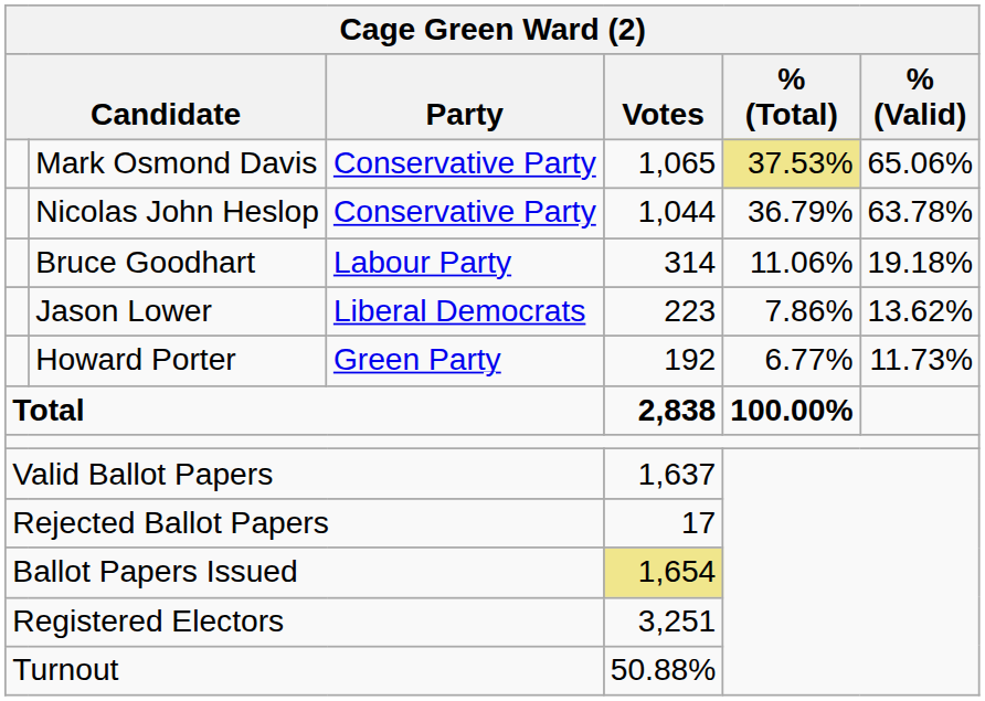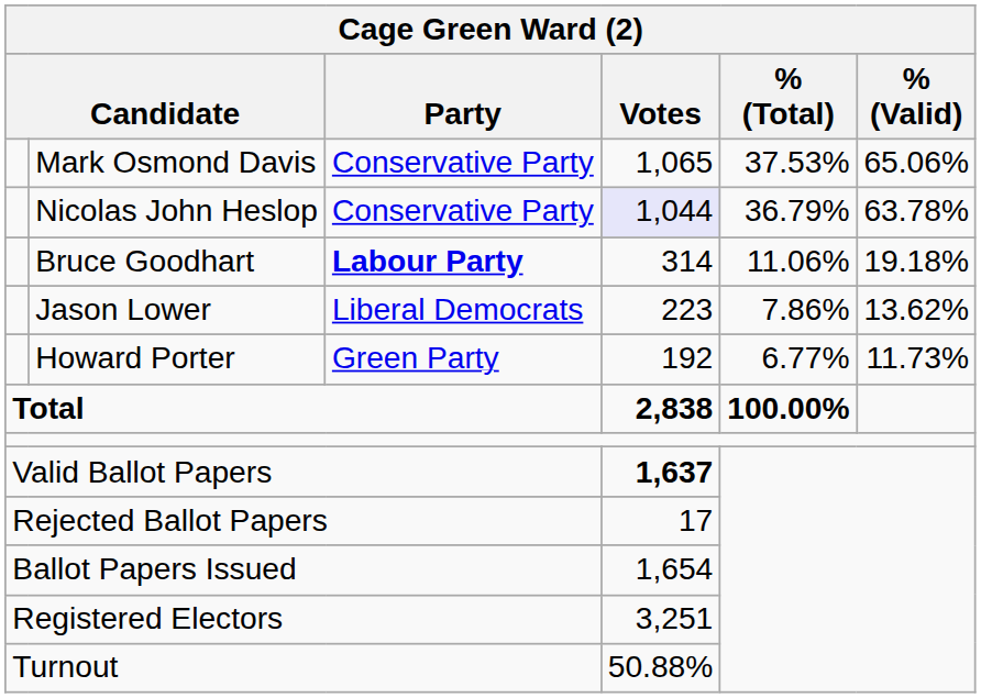 <table class="wikitable" border="1" style="text-align:right; font-size:100%">
 <tr>
 <th align=center colspan=6>Cage Green Ward (2)</th>
 </tr>
 <tr>
 <th valign=bottom align=left colspan=2>Candidate</th>
 <th valign=bottom align=left>Party</th>
 <th valign=bottom align=center>Votes</th>
 <th align=center>%<br>(Total)</th>
 <th align=center>%<br>(Valid)</th>
 </tr>
 <tr>
 <td bgcolor=> </td>
 <td align=left>Mark Osmond Davis</td>
 <td align=left><a href='#'>Conservative Party</a></td>
 <td>1,065</td>
-<td style="background: khaki;">37.53%</td>
+<td>37.53%</td>
 <td>65.06%</td>
 </tr>
 <tr>
 <td bgcolor=> </td>
 <td align=left>Nicolas John Heslop</td>
 <td align=left><a href='#'>Conservative Party</a></td>
-<td>1,044</td>
+<td style="background: lavender;">1,044</td>
 <td>36.79%</td>
 <td>63.78%</td>
 </tr>
 <tr>
 <td bgcolor=> </td>
 <td align=left>Bruce Goodhart</td>
-<td align=left><a href='#'>Labour Party</a></td>
+<td align=left><strong><a href='#'>Labour Party</a></strong></td>
 <td>314</td>
 <td>11.06%</td>
 <td>19.18%</td>
 </tr>
 <tr>
 <td bgcolor=> </td>
 <td align=left>Jason Lower</td>
 <td align=left><a href='#'>Liberal Democrats</a></td>
 <td>223</td>
 <td>7.86%</td>
 <td>13.62%</td>
 </tr>
 <tr>
 <td bgcolor=> </td>
 <td align=left>Howard Porter</td>
 <td align=left><a href='#'>Green Party</a></td>
 <td>192</td>
 <td>6.77%</td>
 <td>11.73%</td>
 </tr>
 <tr>
 <td align=left colspan=3><strong>Total</strong></td>
 <td><strong>2,838</strong></td>
 <td><strong>100.00%</strong></td>
 <td></td>
 </tr>
 <tr>
 <td align=left colspan=6></td>
 </tr>
 <tr>
 <td align=left colspan=3>Valid Ballot Papers</td>
-<td>1,637</td>
+<td><strong>1,637</strong></td>
 <td colspan=2 rowspan=5></td>
 </tr>
 <tr>
 <td align=left colspan=3>Rejected Ballot Papers</td>
 <td>17</td>
 </tr>
 <tr>
 <td align=left colspan=3>Ballot Papers Issued</td>
-<td style="background: khaki;">1,654</td>
+<td>1,654</td>
 </tr>
 <tr>
 <td align=left colspan=3>Registered Electors</td>
 <td>3,251</td>
 </tr>
 <tr>
 <td align=left colspan=3>Turnout</td>
 <td>50.88%</td>
 </tr>
 </table>
